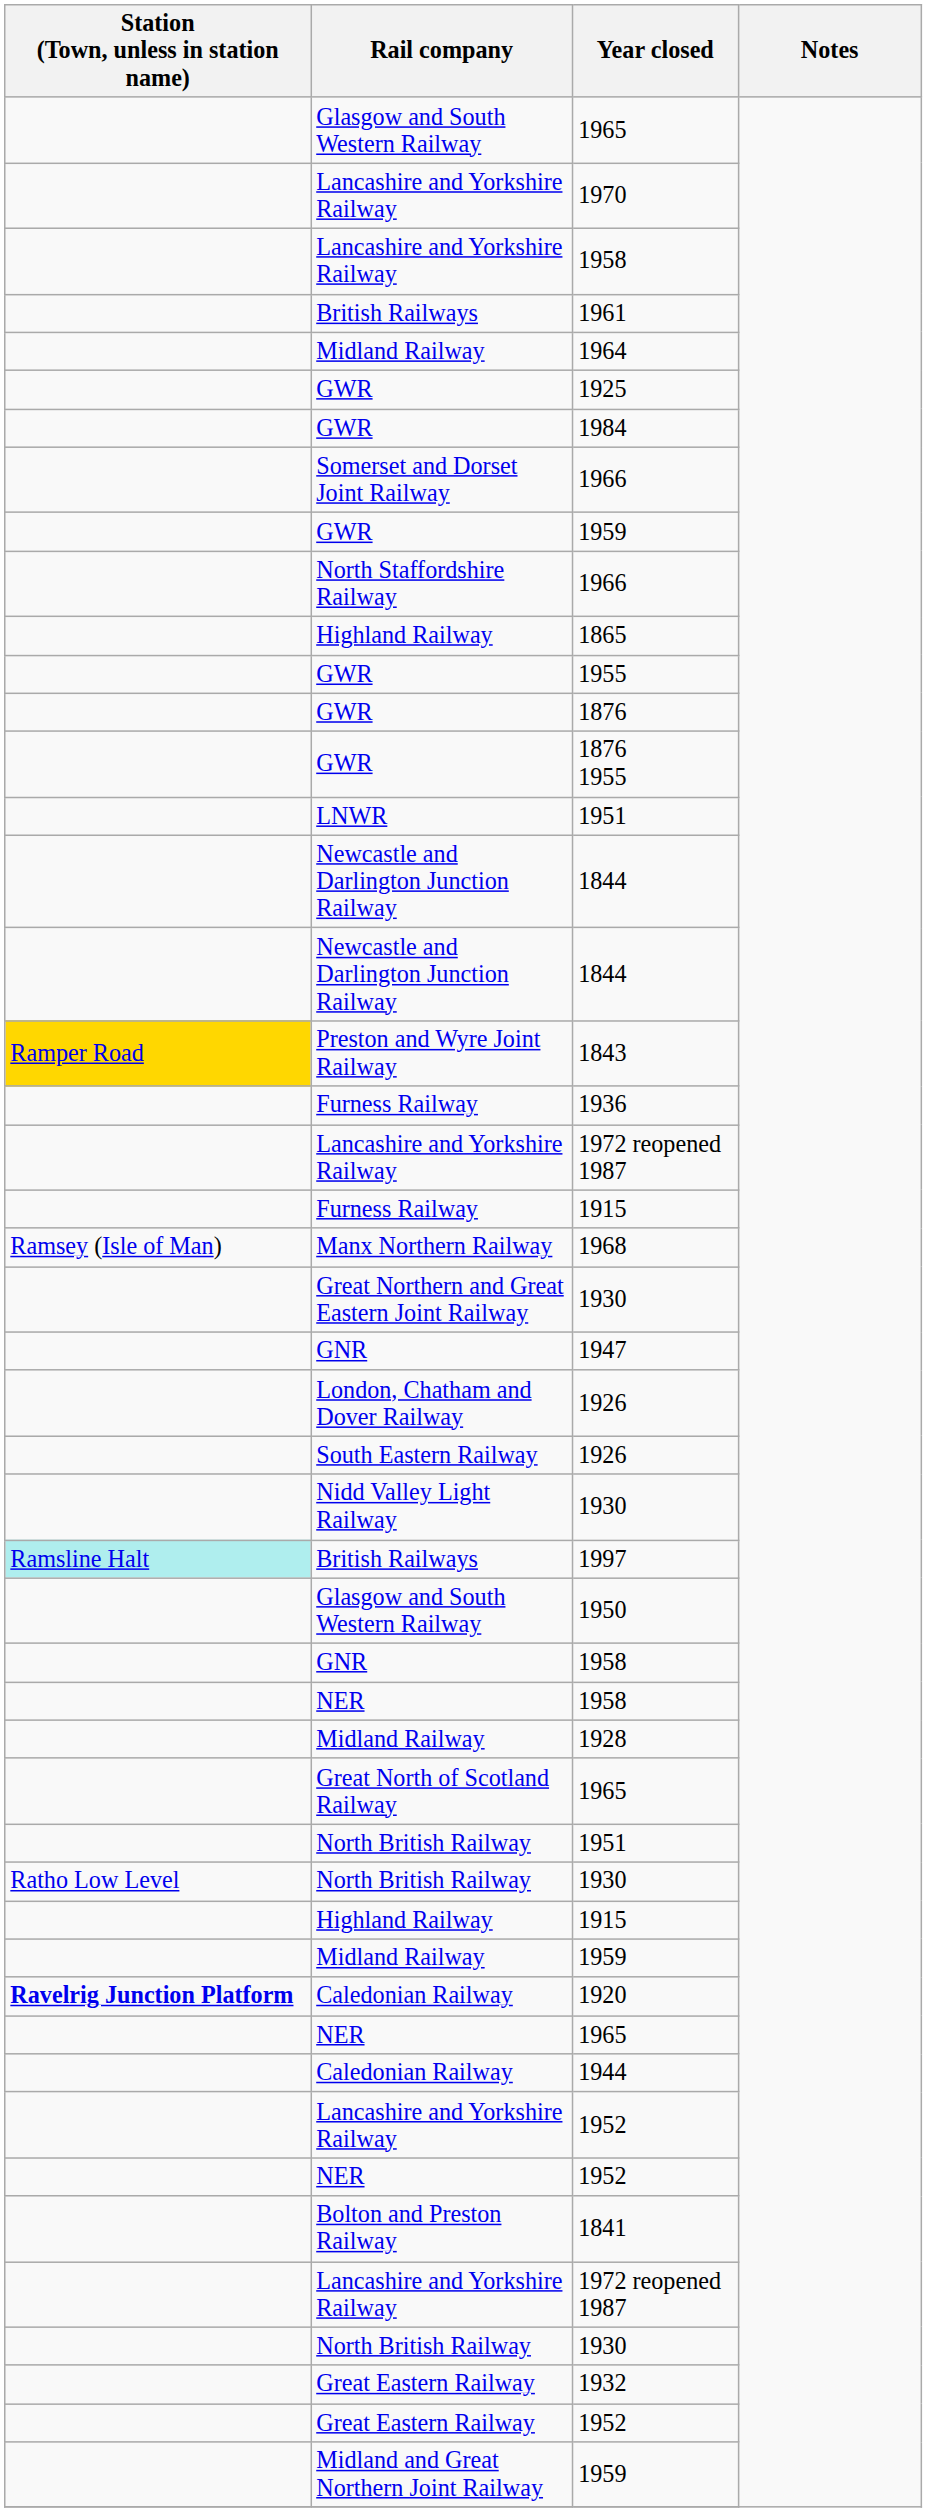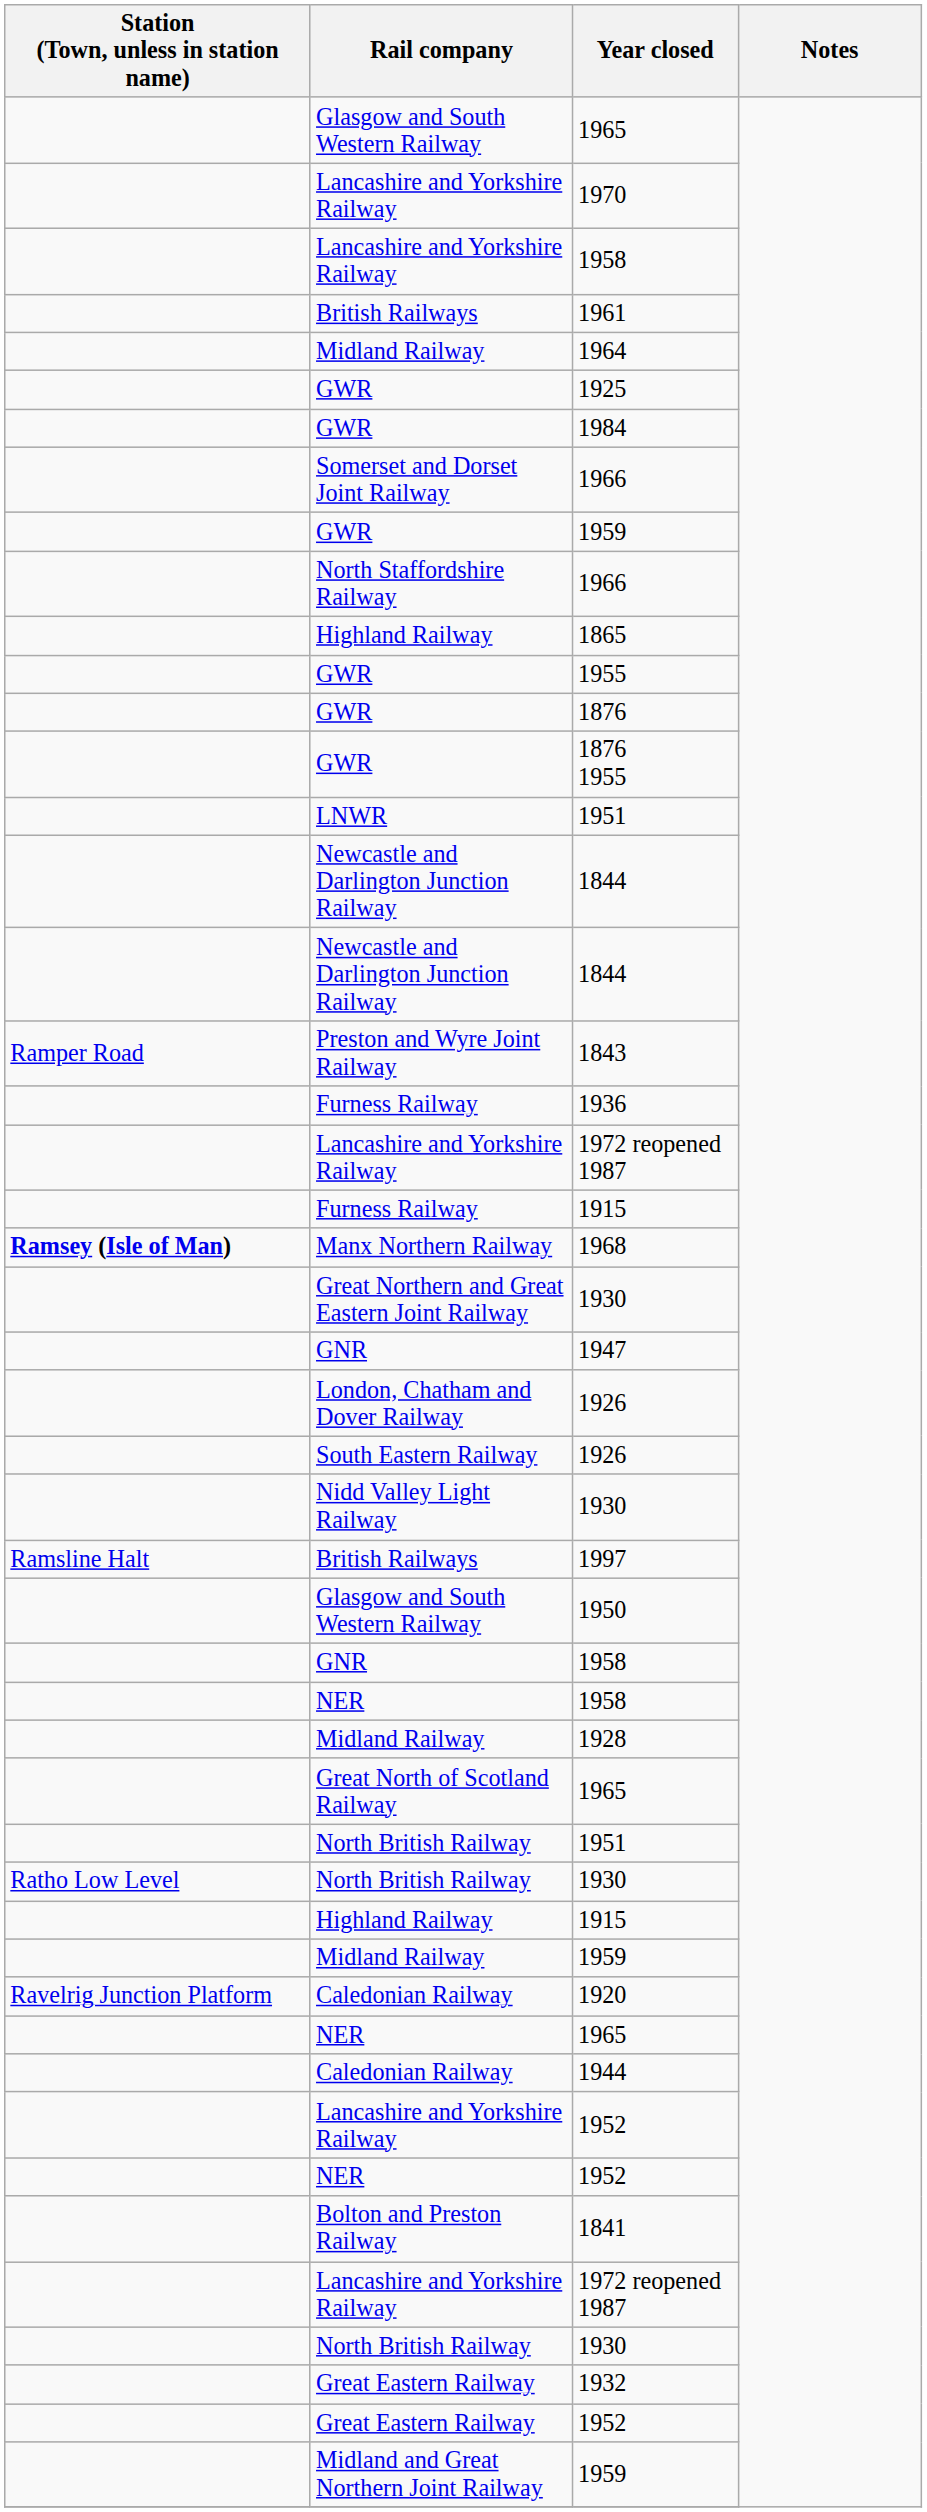 <table class="wikitable sortable">
 <tr>
 <th style="width:250px">Station<br>(Town, unless in station name)</th>
 <th style="width:200px">Rail company</th>
 <th style="width:120px">Year closed</th>
 <th style="width:20%">Notes</th>
 </tr>
 <tr>
 <td></td>
 <td><a href='#'>Glasgow and South Western Railway</a></td>
 <td>1965</td>
 </tr>
 <tr>
 <td></td>
 <td><a href='#'>Lancashire and Yorkshire Railway</a></td>
 <td>1970</td>
 </tr>
 <tr>
 <td></td>
 <td><a href='#'>Lancashire and Yorkshire Railway</a></td>
 <td>1958</td>
 </tr>
 <tr>
 <td></td>
 <td><a href='#'>British Railways</a></td>
 <td>1961</td>
 </tr>
 <tr>
 <td></td>
 <td><a href='#'>Midland Railway</a></td>
 <td>1964</td>
 </tr>
 <tr>
 <td></td>
 <td><a href='#'>GWR</a></td>
 <td>1925</td>
 </tr>
 <tr>
 <td></td>
 <td><a href='#'>GWR</a></td>
 <td>1984</td>
 </tr>
 <tr>
 <td></td>
 <td><a href='#'>Somerset and Dorset Joint Railway</a></td>
 <td>1966</td>
 </tr>
 <tr>
 <td></td>
 <td><a href='#'>GWR</a></td>
 <td>1959</td>
 </tr>
 <tr>
 <td></td>
 <td><a href='#'>North Staffordshire Railway</a></td>
 <td>1966</td>
 </tr>
 <tr>
 <td></td>
 <td><a href='#'>Highland Railway</a></td>
 <td>1865</td>
 </tr>
 <tr>
 <td></td>
 <td><a href='#'>GWR</a></td>
 <td>1955</td>
 </tr>
 <tr>
 <td></td>
 <td><a href='#'>GWR</a></td>
 <td>1876</td>
 </tr>
 <tr>
 <td></td>
 <td><a href='#'>GWR</a></td>
 <td>1876<br>1955</td>
 </tr>
 <tr>
 <td></td>
 <td><a href='#'>LNWR</a></td>
 <td>1951</td>
 </tr>
 <tr>
 <td></td>
 <td><a href='#'>Newcastle and Darlington Junction Railway</a></td>
 <td>1844</td>
 </tr>
 <tr>
 <td></td>
 <td><a href='#'>Newcastle and Darlington Junction Railway</a></td>
 <td>1844</td>
 </tr>
 <tr>
-<td style="background: gold;"><a href='#'>Ramper Road</a></td>
+<td><a href='#'>Ramper Road</a></td>
 <td><a href='#'>Preston and Wyre Joint Railway</a></td>
 <td>1843</td>
 </tr>
 <tr>
 <td></td>
 <td><a href='#'>Furness Railway</a></td>
 <td>1936</td>
 </tr>
 <tr>
 <td></td>
 <td><a href='#'>Lancashire and Yorkshire Railway</a></td>
 <td>1972 reopened 1987</td>
 </tr>
 <tr>
 <td></td>
 <td><a href='#'>Furness Railway</a></td>
 <td>1915</td>
 </tr>
 <tr>
-<td><a href='#'>Ramsey</a> (<a href='#'>Isle of Man</a>)</td>
+<td><strong><a href='#'>Ramsey</a> (<a href='#'>Isle of Man</a>)</strong></td>
 <td><a href='#'>Manx Northern Railway</a></td>
 <td>1968</td>
 </tr>
 <tr>
 <td></td>
 <td><a href='#'>Great Northern and Great Eastern Joint Railway</a></td>
 <td>1930</td>
 </tr>
 <tr>
 <td></td>
 <td><a href='#'>GNR</a></td>
 <td>1947</td>
 </tr>
 <tr>
 <td></td>
 <td><a href='#'>London, Chatham and Dover Railway</a></td>
 <td>1926</td>
 </tr>
 <tr>
 <td></td>
 <td><a href='#'>South Eastern Railway</a></td>
 <td>1926</td>
 </tr>
 <tr>
 <td></td>
 <td><a href='#'>Nidd Valley Light Railway</a></td>
 <td>1930</td>
 </tr>
 <tr>
-<td style="background: paleturquoise;"><a href='#'>Ramsline Halt</a></td>
+<td><a href='#'>Ramsline Halt</a></td>
 <td><a href='#'>British Railways</a></td>
 <td>1997</td>
 </tr>
 <tr>
 <td></td>
 <td><a href='#'>Glasgow and South Western Railway</a></td>
 <td>1950</td>
 </tr>
 <tr>
 <td></td>
 <td><a href='#'>GNR</a></td>
 <td>1958</td>
 </tr>
 <tr>
 <td></td>
 <td><a href='#'>NER</a></td>
 <td>1958</td>
 </tr>
 <tr>
 <td></td>
 <td><a href='#'>Midland Railway</a></td>
 <td>1928</td>
 </tr>
 <tr>
 <td></td>
 <td><a href='#'>Great North of Scotland Railway</a></td>
 <td>1965</td>
 </tr>
 <tr>
 <td></td>
 <td><a href='#'>North British Railway</a></td>
 <td>1951</td>
 </tr>
 <tr>
 <td><a href='#'>Ratho Low Level</a></td>
 <td><a href='#'>North British Railway</a></td>
 <td>1930</td>
 </tr>
 <tr>
 <td></td>
 <td><a href='#'>Highland Railway</a></td>
 <td>1915</td>
 </tr>
 <tr>
 <td></td>
 <td><a href='#'>Midland Railway</a></td>
 <td>1959</td>
 </tr>
 <tr>
-<td><strong><a href='#'>Ravelrig Junction Platform</a></strong></td>
+<td><a href='#'>Ravelrig Junction Platform</a></td>
 <td><a href='#'>Caledonian Railway</a></td>
 <td>1920</td>
 </tr>
 <tr>
 <td></td>
 <td><a href='#'>NER</a></td>
 <td>1965</td>
 </tr>
 <tr>
 <td></td>
 <td><a href='#'>Caledonian Railway</a></td>
 <td>1944</td>
 </tr>
 <tr>
 <td></td>
 <td><a href='#'>Lancashire and Yorkshire Railway</a></td>
 <td>1952</td>
 </tr>
 <tr>
 <td></td>
 <td><a href='#'>NER</a></td>
 <td>1952</td>
 </tr>
 <tr>
 <td></td>
 <td><a href='#'>Bolton and Preston Railway</a></td>
 <td>1841</td>
 </tr>
 <tr>
 <td></td>
 <td><a href='#'>Lancashire and Yorkshire Railway</a></td>
 <td>1972 reopened 1987</td>
 </tr>
 <tr>
 <td></td>
 <td><a href='#'>North British Railway</a></td>
 <td>1930</td>
 </tr>
 <tr>
 <td></td>
 <td><a href='#'>Great Eastern Railway</a></td>
 <td>1932</td>
 </tr>
 <tr>
 <td></td>
 <td><a href='#'>Great Eastern Railway</a></td>
 <td>1952</td>
 </tr>
 <tr>
 <td></td>
 <td><a href='#'>Midland and Great Northern Joint Railway</a></td>
 <td>1959</td>
 </tr>
 <tr>
 </tr>
 </table>
